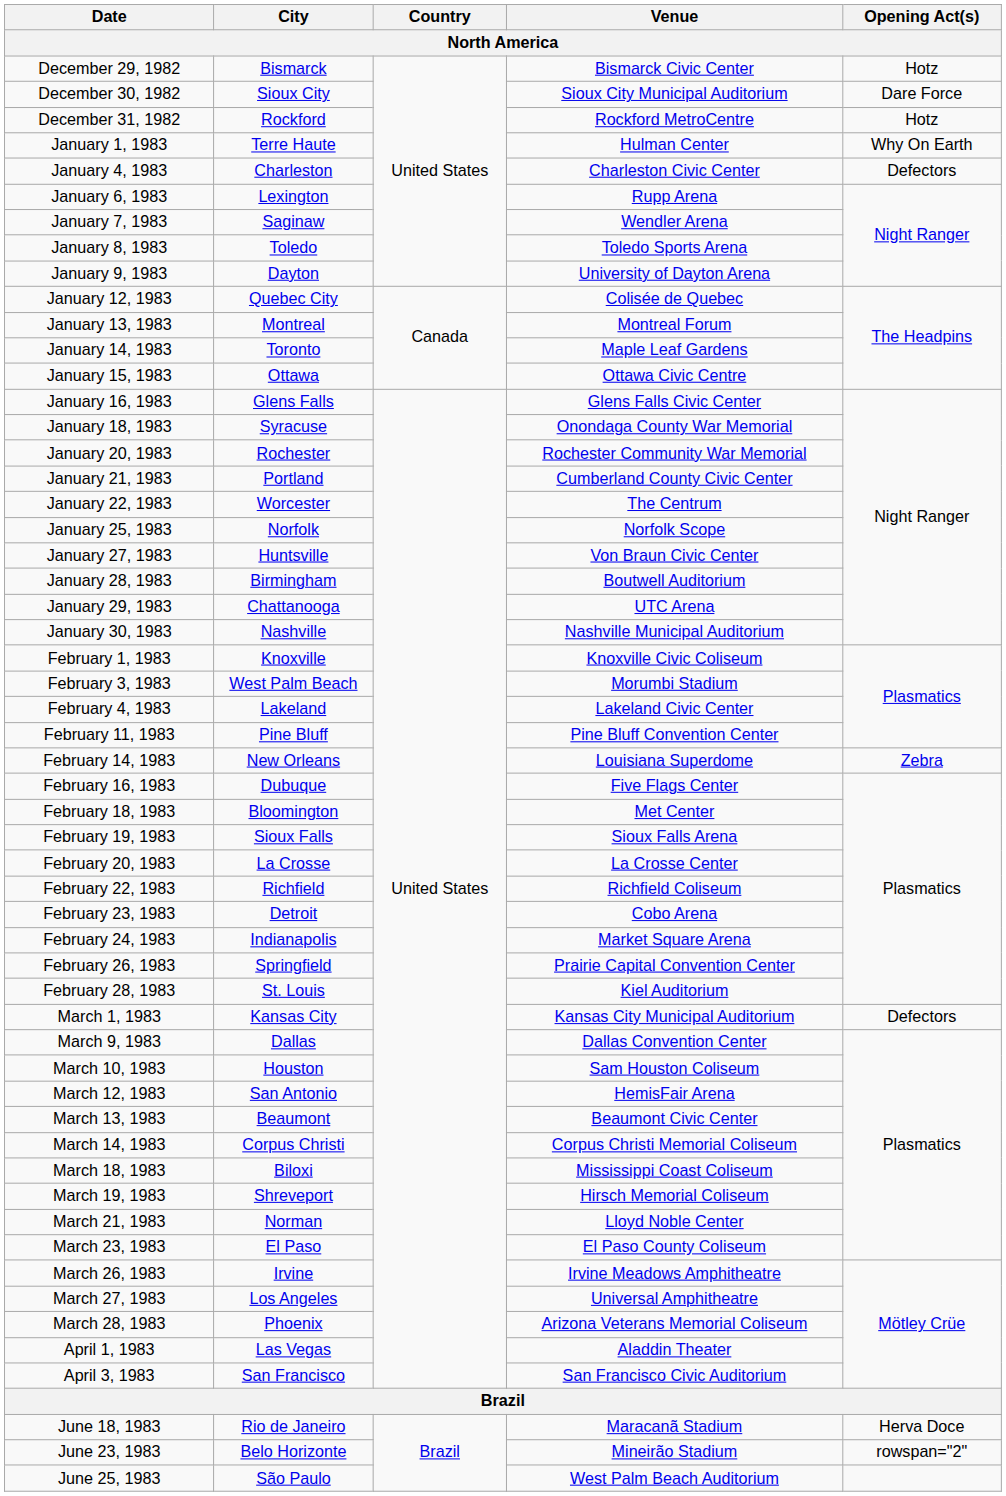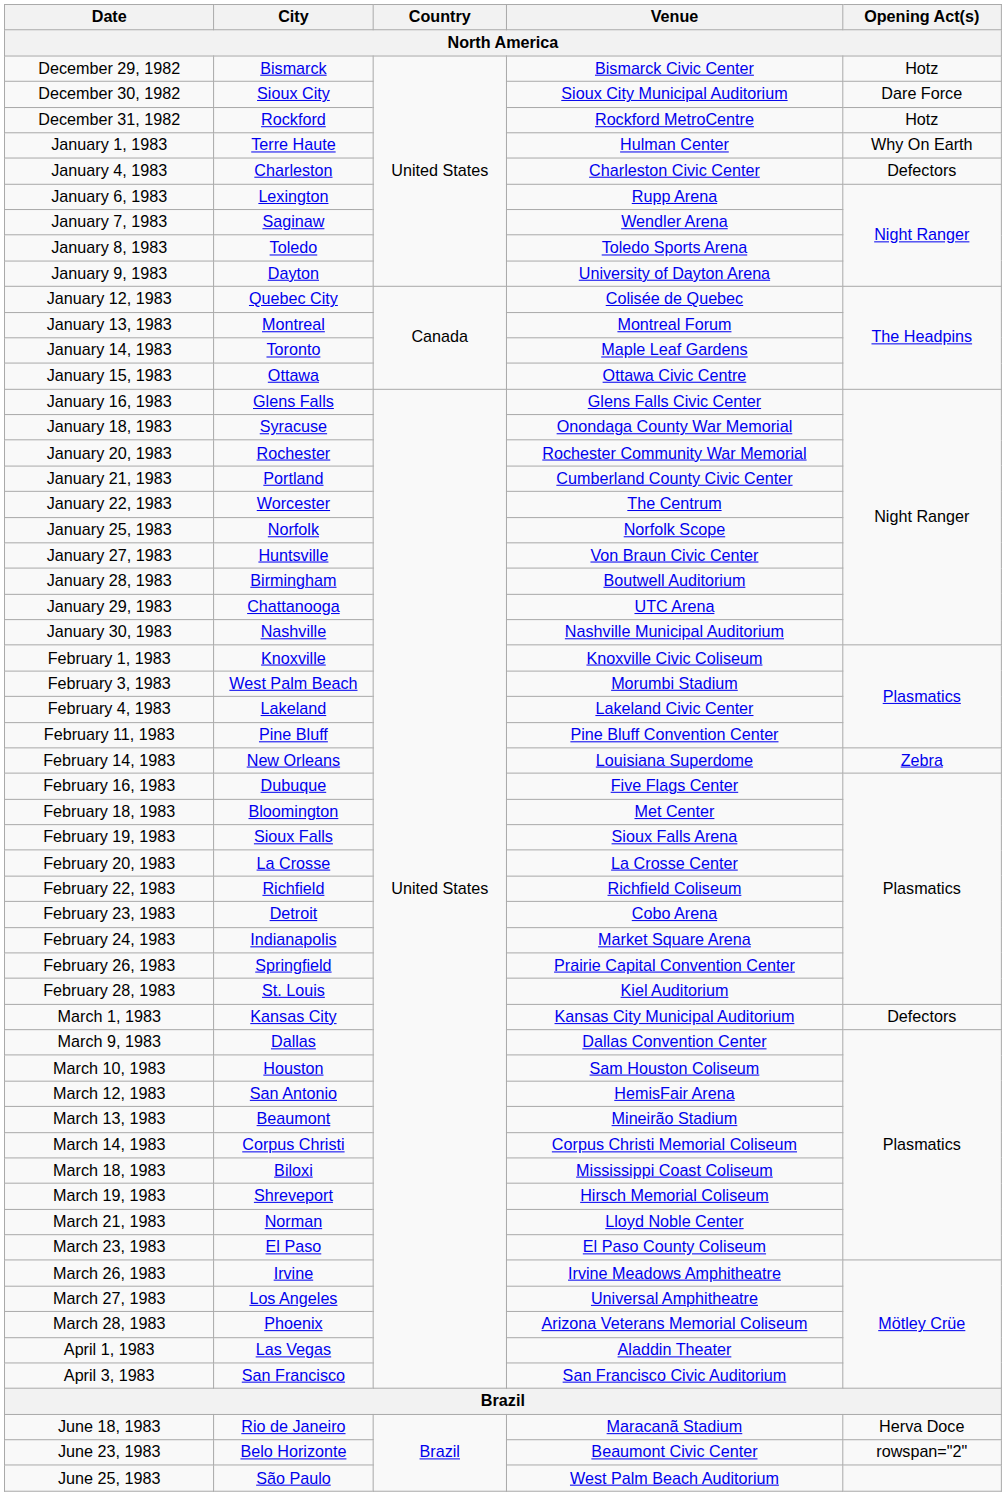 <table class="wikitable" style="text-align:center;">
 <tr>
 <th width="200">Date</th>
 <th width="150">City</th>
 <th width="125">Country</th>
 <th width="325">Venue</th>
 <th width="150">Opening Act(s)</th>
 </tr>
 <tr>
 <th colspan="5">North America</th>
 </tr>
 <tr>
 <td>December 29, 1982</td>
 <td><a href='#'>Bismarck</a></td>
 <td rowspan="9">United States</td>
 <td><a href='#'>Bismarck Civic Center</a></td>
 <td>Hotz</td>
 </tr>
 <tr>
 <td>December 30, 1982</td>
 <td><a href='#'>Sioux City</a></td>
 <td><a href='#'>Sioux City Municipal Auditorium</a></td>
 <td>Dare Force</td>
 </tr>
 <tr>
 <td>December 31, 1982</td>
 <td><a href='#'>Rockford</a></td>
 <td><a href='#'>Rockford MetroCentre</a></td>
 <td>Hotz</td>
 </tr>
 <tr>
 <td>January 1, 1983</td>
 <td><a href='#'>Terre Haute</a></td>
 <td><a href='#'>Hulman Center</a></td>
 <td>Why On Earth</td>
 </tr>
 <tr>
 <td>January 4, 1983</td>
 <td><a href='#'>Charleston</a></td>
 <td><a href='#'>Charleston Civic Center</a></td>
 <td>Defectors</td>
 </tr>
 <tr>
 <td>January 6, 1983</td>
 <td><a href='#'>Lexington</a></td>
 <td><a href='#'>Rupp Arena</a></td>
 <td rowspan="4"><a href='#'>Night Ranger</a></td>
 </tr>
 <tr>
 <td>January 7, 1983</td>
 <td><a href='#'>Saginaw</a></td>
 <td><a href='#'>Wendler Arena</a></td>
 </tr>
 <tr>
 <td>January 8, 1983</td>
 <td><a href='#'>Toledo</a></td>
 <td><a href='#'>Toledo Sports Arena</a></td>
 </tr>
 <tr>
 <td>January 9, 1983</td>
 <td><a href='#'>Dayton</a></td>
 <td><a href='#'>University of Dayton Arena</a></td>
 </tr>
 <tr>
 <td>January 12, 1983</td>
 <td><a href='#'>Quebec City</a></td>
 <td rowspan="4">Canada</td>
 <td><a href='#'>Colisée de Quebec</a></td>
 <td rowspan="4"><a href='#'>The Headpins</a></td>
 </tr>
 <tr>
 <td>January 13, 1983</td>
 <td><a href='#'>Montreal</a></td>
 <td><a href='#'>Montreal Forum</a></td>
 </tr>
 <tr>
 <td>January 14, 1983</td>
 <td><a href='#'>Toronto</a></td>
 <td><a href='#'>Maple Leaf Gardens</a></td>
 </tr>
 <tr>
 <td>January 15, 1983</td>
 <td><a href='#'>Ottawa</a></td>
 <td><a href='#'>Ottawa Civic Centre</a></td>
 </tr>
 <tr>
 <td>January 16, 1983</td>
 <td><a href='#'>Glens Falls</a></td>
 <td rowspan="39">United States</td>
 <td><a href='#'>Glens Falls Civic Center</a></td>
 <td rowspan="10">Night Ranger</td>
 </tr>
 <tr>
 <td>January 18, 1983</td>
 <td><a href='#'>Syracuse</a></td>
 <td><a href='#'>Onondaga County War Memorial</a></td>
 </tr>
 <tr>
 <td>January 20, 1983</td>
 <td><a href='#'>Rochester</a></td>
 <td><a href='#'>Rochester Community War Memorial</a></td>
 </tr>
 <tr>
 <td>January 21, 1983</td>
 <td><a href='#'>Portland</a></td>
 <td><a href='#'>Cumberland County Civic Center</a></td>
 </tr>
 <tr>
 <td>January 22, 1983</td>
 <td><a href='#'>Worcester</a></td>
 <td><a href='#'>The Centrum</a></td>
 </tr>
 <tr>
 <td>January 25, 1983</td>
 <td><a href='#'>Norfolk</a></td>
 <td><a href='#'>Norfolk Scope</a></td>
 </tr>
 <tr>
 <td>January 27, 1983</td>
 <td><a href='#'>Huntsville</a></td>
 <td><a href='#'>Von Braun Civic Center</a></td>
 </tr>
 <tr>
 <td>January 28, 1983</td>
 <td><a href='#'>Birmingham</a></td>
 <td><a href='#'>Boutwell Auditorium</a></td>
 </tr>
 <tr>
 <td>January 29, 1983</td>
 <td><a href='#'>Chattanooga</a></td>
 <td><a href='#'>UTC Arena</a></td>
 </tr>
 <tr>
 <td>January 30, 1983</td>
 <td><a href='#'>Nashville</a></td>
 <td><a href='#'>Nashville Municipal Auditorium</a></td>
 </tr>
 <tr>
 <td>February 1, 1983</td>
 <td><a href='#'>Knoxville</a></td>
 <td><a href='#'>Knoxville Civic Coliseum</a></td>
 <td rowspan="4"><a href='#'>Plasmatics</a></td>
 </tr>
 <tr>
 <td>February 3, 1983</td>
 <td><a href='#'>West Palm Beach</a></td>
 <td><a href='#'>Morumbi Stadium</a></td>
 </tr>
 <tr>
 <td>February 4, 1983</td>
 <td><a href='#'>Lakeland</a></td>
 <td><a href='#'>Lakeland Civic Center</a></td>
 </tr>
 <tr>
 <td>February 11, 1983</td>
 <td><a href='#'>Pine Bluff</a></td>
 <td><a href='#'>Pine Bluff Convention Center</a></td>
 </tr>
 <tr>
 <td>February 14, 1983</td>
 <td><a href='#'>New Orleans</a></td>
 <td><a href='#'>Louisiana Superdome</a></td>
 <td><a href='#'>Zebra</a></td>
 </tr>
 <tr>
 <td>February 16, 1983</td>
 <td><a href='#'>Dubuque</a></td>
 <td><a href='#'>Five Flags Center</a></td>
 <td rowspan="9">Plasmatics</td>
 </tr>
 <tr>
 <td>February 18, 1983</td>
 <td><a href='#'>Bloomington</a></td>
 <td><a href='#'>Met Center</a></td>
 </tr>
 <tr>
 <td>February 19, 1983</td>
 <td><a href='#'>Sioux Falls</a></td>
 <td><a href='#'>Sioux Falls Arena</a></td>
 </tr>
 <tr>
 <td>February 20, 1983</td>
 <td><a href='#'>La Crosse</a></td>
 <td><a href='#'>La Crosse Center</a></td>
 </tr>
 <tr>
 <td>February 22, 1983</td>
 <td><a href='#'>Richfield</a></td>
 <td><a href='#'>Richfield Coliseum</a></td>
 </tr>
 <tr>
 <td>February 23, 1983</td>
 <td><a href='#'>Detroit</a></td>
 <td><a href='#'>Cobo Arena</a></td>
 </tr>
 <tr>
 <td>February 24, 1983</td>
 <td><a href='#'>Indianapolis</a></td>
 <td><a href='#'>Market Square Arena</a></td>
 </tr>
 <tr>
 <td>February 26, 1983</td>
 <td><a href='#'>Springfield</a></td>
 <td><a href='#'>Prairie Capital Convention Center</a></td>
 </tr>
 <tr>
 <td>February 28, 1983</td>
 <td><a href='#'>St. Louis</a></td>
 <td><a href='#'>Kiel Auditorium</a></td>
 </tr>
 <tr>
 <td>March 1, 1983</td>
 <td><a href='#'>Kansas City</a></td>
 <td><a href='#'>Kansas City Municipal Auditorium</a></td>
 <td>Defectors</td>
 </tr>
 <tr>
 <td>March 9, 1983</td>
 <td><a href='#'>Dallas</a></td>
 <td><a href='#'>Dallas Convention Center</a></td>
 <td rowspan="9">Plasmatics</td>
 </tr>
 <tr>
 <td>March 10, 1983</td>
 <td><a href='#'>Houston</a></td>
 <td><a href='#'>Sam Houston Coliseum</a></td>
 </tr>
 <tr>
 <td>March 12, 1983</td>
 <td><a href='#'>San Antonio</a></td>
 <td><a href='#'>HemisFair Arena</a></td>
 </tr>
 <tr>
 <td>March 13, 1983</td>
 <td><a href='#'>Beaumont</a></td>
-<td><a href='#'>Beaumont Civic Center</a></td>
+<td><a href='#'>Mineirão Stadium</a></td>
 </tr>
 <tr>
 <td>March 14, 1983</td>
 <td><a href='#'>Corpus Christi</a></td>
 <td><a href='#'>Corpus Christi Memorial Coliseum</a></td>
 </tr>
 <tr>
 <td>March 18, 1983</td>
 <td><a href='#'>Biloxi</a></td>
 <td><a href='#'>Mississippi Coast Coliseum</a></td>
 </tr>
 <tr>
 <td>March 19, 1983</td>
 <td><a href='#'>Shreveport</a></td>
 <td><a href='#'>Hirsch Memorial Coliseum</a></td>
 </tr>
 <tr>
 <td>March 21, 1983</td>
 <td><a href='#'>Norman</a></td>
 <td><a href='#'>Lloyd Noble Center</a></td>
 </tr>
 <tr>
 <td>March 23, 1983</td>
 <td><a href='#'>El Paso</a></td>
 <td><a href='#'>El Paso County Coliseum</a></td>
 </tr>
 <tr>
 <td>March 26, 1983</td>
 <td><a href='#'>Irvine</a></td>
 <td><a href='#'>Irvine Meadows Amphitheatre</a></td>
 <td rowspan="5"><a href='#'>Mötley Crüe</a></td>
 </tr>
 <tr>
 <td>March 27, 1983</td>
 <td><a href='#'>Los Angeles</a></td>
 <td><a href='#'>Universal Amphitheatre</a></td>
 </tr>
 <tr>
 <td>March 28, 1983</td>
 <td><a href='#'>Phoenix</a></td>
 <td><a href='#'>Arizona Veterans Memorial Coliseum</a></td>
 </tr>
 <tr>
 <td>April 1, 1983</td>
 <td><a href='#'>Las Vegas</a></td>
 <td><a href='#'>Aladdin Theater</a></td>
 </tr>
 <tr>
 <td>April 3, 1983</td>
 <td><a href='#'>San Francisco</a></td>
 <td><a href='#'>San Francisco Civic Auditorium</a></td>
 </tr>
 <tr>
 <th colspan="5">Brazil</th>
 </tr>
 <tr>
 <td>June 18, 1983</td>
 <td><a href='#'>Rio de Janeiro</a></td>
 <td rowspan="3"><a href='#'>Brazil</a></td>
 <td><a href='#'>Maracanã Stadium</a></td>
 <td>Herva Doce</td>
 </tr>
 <tr>
 <td>June 23, 1983</td>
 <td><a href='#'>Belo Horizonte</a></td>
-<td><a href='#'>Mineirão Stadium</a></td>
+<td><a href='#'>Beaumont Civic Center</a></td>
 <td>rowspan="2" </td>
 </tr>
 <tr>
 <td>June 25, 1983</td>
 <td><a href='#'>São Paulo</a></td>
 <td><a href='#'>West Palm Beach Auditorium</a></td>
 </tr>
 </table>
